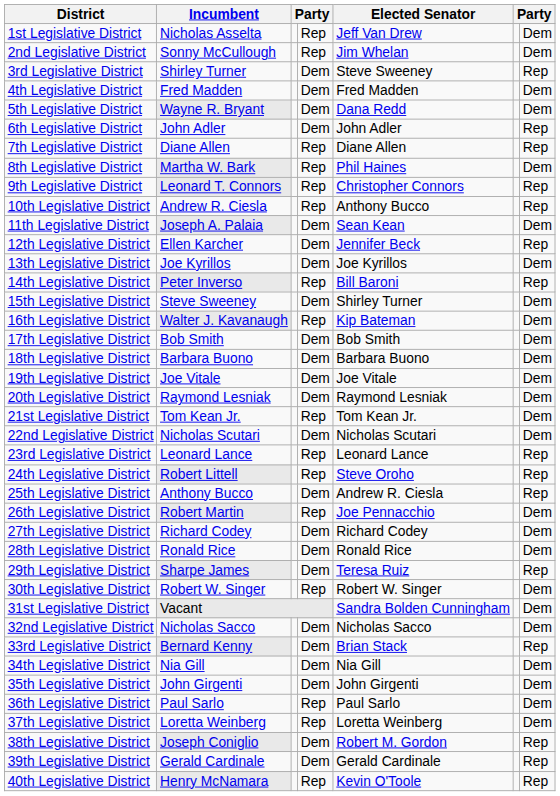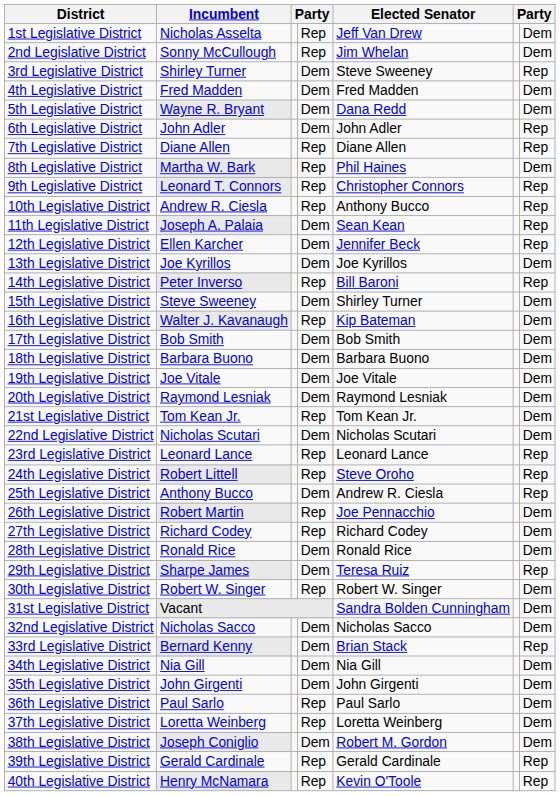 <table class="sortable wikitable" style="font-size:95%;line-height:14px;">
 <tr>
 <th>District</th>
 <th class="unsortable"><a href='#'>Incumbent</a></th>
 <th colspan="2">Party</th>
 <th class="unsortable">Elected Senator</th>
 <th colspan="2">Party</th>
 </tr>
 <tr>
 <td><a href='#'>1st Legislative District</a></td>
 <td><a href='#'>Nicholas Asselta</a></td>
 <td style="background:"></td>
 <td>Rep</td>
 <td><a href='#'>Jeff Van Drew</a></td>
 <td style="background:"></td>
 <td>Dem</td>
 </tr>
 <tr>
 <td><a href='#'>2nd Legislative District</a></td>
 <td><a href='#'>Sonny McCullough</a></td>
 <td style="background:"></td>
 <td>Rep</td>
 <td><a href='#'>Jim Whelan</a></td>
 <td style="background:"></td>
 <td>Dem</td>
 </tr>
 <tr>
 <td><a href='#'>3rd Legislative District</a></td>
 <td><a href='#'>Shirley Turner</a></td>
 <td style="background:"></td>
 <td>Dem</td>
 <td>Steve Sweeney</td>
 <td style="background:"></td>
 <td>Rep</td>
 </tr>
 <tr>
 <td><a href='#'>4th Legislative District</a></td>
 <td><a href='#'>Fred Madden</a></td>
 <td style="background:"></td>
 <td>Dem</td>
 <td>Fred Madden</td>
 <td style="background:"></td>
 <td>Dem</td>
 </tr>
 <tr>
 <td><a href='#'>5th Legislative District</a></td>
 <td style="background:#E9E9E9;"><a href='#'>Wayne R. Bryant</a></td>
 <td style="background:"></td>
 <td>Dem</td>
 <td><a href='#'>Dana Redd</a></td>
 <td style="background:"></td>
 <td>Dem</td>
 </tr>
 <tr>
 <td><a href='#'>6th Legislative District</a></td>
 <td><a href='#'>John Adler</a></td>
 <td style="background:"></td>
 <td>Dem</td>
 <td>John Adler</td>
 <td style="background:"></td>
 <td>Rep</td>
 </tr>
 <tr>
 <td><a href='#'>7th Legislative District</a></td>
 <td><a href='#'>Diane Allen</a></td>
 <td style="background:"></td>
 <td>Rep</td>
 <td>Diane Allen</td>
 <td style="background:"></td>
 <td>Rep</td>
 </tr>
 <tr>
 <td><a href='#'>8th Legislative District</a></td>
 <td style="background:#E9E9E9;"><a href='#'>Martha W. Bark</a></td>
 <td style="background:"></td>
 <td>Rep</td>
 <td><a href='#'>Phil Haines</a></td>
 <td style="background:"></td>
 <td>Dem</td>
 </tr>
 <tr>
 <td><a href='#'>9th Legislative District</a></td>
 <td style="background:#E9E9E9;"><a href='#'>Leonard T. Connors</a></td>
 <td style="background:"></td>
 <td>Rep</td>
 <td><a href='#'>Christopher Connors</a></td>
 <td style="background:"></td>
 <td>Rep</td>
 </tr>
 <tr>
 <td><a href='#'>10th Legislative District</a></td>
 <td><a href='#'>Andrew R. Ciesla</a></td>
 <td style="background:"></td>
 <td>Rep</td>
 <td>Anthony Bucco</td>
 <td style="background:"></td>
 <td>Rep</td>
 </tr>
 <tr>
 <td><a href='#'>11th Legislative District</a></td>
 <td style="background:#E9E9E9;"><a href='#'>Joseph A. Palaia</a></td>
 <td style="background:"></td>
 <td>Dem</td>
 <td><a href='#'>Sean Kean</a></td>
 <td style="background:"></td>
-<td>Dem</td>
+<td>Rep</td>
 </tr>
 <tr>
 <td><a href='#'>12th Legislative District</a></td>
 <td><a href='#'>Ellen Karcher</a></td>
 <td style="background:"></td>
 <td>Dem</td>
 <td><a href='#'>Jennifer Beck</a></td>
 <td style="background:"></td>
 <td>Rep</td>
 </tr>
 <tr>
 <td><a href='#'>13th Legislative District</a></td>
 <td><a href='#'>Joe Kyrillos</a></td>
 <td style="background:"></td>
 <td>Dem</td>
 <td>Joe Kyrillos</td>
 <td style="background:"></td>
 <td>Dem</td>
 </tr>
 <tr>
 <td><a href='#'>14th Legislative District</a></td>
 <td style="background:#E9E9E9;"><a href='#'>Peter Inverso</a></td>
 <td style="background:"></td>
 <td>Rep</td>
 <td><a href='#'>Bill Baroni</a></td>
 <td style="background:"></td>
 <td>Rep</td>
 </tr>
 <tr>
 <td><a href='#'>15th Legislative District</a></td>
 <td><a href='#'>Steve Sweeney</a></td>
 <td style="background:"></td>
 <td>Dem</td>
 <td>Shirley Turner</td>
 <td style="background:"></td>
 <td>Dem</td>
 </tr>
 <tr>
 <td><a href='#'>16th Legislative District</a></td>
 <td style="background:#E9E9E9;"><a href='#'>Walter J. Kavanaugh</a></td>
 <td style="background:"></td>
 <td>Rep</td>
 <td><a href='#'>Kip Bateman</a></td>
 <td style="background:"></td>
 <td>Dem</td>
 </tr>
 <tr>
 <td><a href='#'>17th Legislative District</a></td>
 <td><a href='#'>Bob Smith</a></td>
 <td style="background:"></td>
 <td>Dem</td>
 <td>Bob Smith</td>
 <td style="background:"></td>
 <td>Dem</td>
 </tr>
 <tr>
 <td><a href='#'>18th Legislative District</a></td>
 <td><a href='#'>Barbara Buono</a></td>
 <td style="background:"></td>
 <td>Dem</td>
 <td>Barbara Buono</td>
 <td style="background:"></td>
 <td>Dem</td>
 </tr>
 <tr>
 <td><a href='#'>19th Legislative District</a></td>
 <td><a href='#'>Joe Vitale</a></td>
 <td style="background:"></td>
 <td>Dem</td>
 <td>Joe Vitale</td>
 <td style="background:"></td>
 <td>Dem</td>
 </tr>
 <tr>
 <td><a href='#'>20th Legislative District</a></td>
 <td><a href='#'>Raymond Lesniak</a></td>
 <td style="background:"></td>
 <td>Dem</td>
 <td>Raymond Lesniak</td>
 <td style="background:"></td>
 <td>Dem</td>
 </tr>
 <tr>
 <td><a href='#'>21st Legislative District</a></td>
 <td><a href='#'>Tom Kean Jr.</a></td>
 <td style="background:"></td>
 <td>Rep</td>
 <td>Tom Kean Jr.</td>
 <td style="background:"></td>
 <td>Dem</td>
 </tr>
 <tr>
 <td><a href='#'>22nd Legislative District</a></td>
 <td><a href='#'>Nicholas Scutari</a></td>
 <td style="background:"></td>
 <td>Dem</td>
 <td>Nicholas Scutari</td>
 <td style="background:"></td>
 <td>Dem</td>
 </tr>
 <tr>
 <td><a href='#'>23rd Legislative District</a></td>
 <td><a href='#'>Leonard Lance</a></td>
 <td style="background:"></td>
 <td>Rep</td>
 <td>Leonard Lance</td>
 <td style="background:"></td>
 <td>Rep</td>
 </tr>
 <tr>
 <td><a href='#'>24th Legislative District</a></td>
 <td style="background:#E9E9E9;"><a href='#'>Robert Littell</a></td>
 <td style="background:"></td>
 <td>Rep</td>
 <td><a href='#'>Steve Oroho</a></td>
 <td style="background:"></td>
 <td>Rep</td>
 </tr>
 <tr>
 <td><a href='#'>25th Legislative District</a></td>
 <td><a href='#'>Anthony Bucco</a></td>
 <td style="background:"></td>
 <td>Dem</td>
 <td>Andrew R. Ciesla</td>
 <td style="background:"></td>
 <td>Rep</td>
 </tr>
 <tr>
 <td><a href='#'>26th Legislative District</a></td>
 <td style="background:#E9E9E9;"><a href='#'>Robert Martin</a></td>
 <td style="background:"></td>
 <td>Rep</td>
 <td><a href='#'>Joe Pennacchio</a></td>
 <td style="background:"></td>
 <td>Dem</td>
 </tr>
 <tr>
 <td><a href='#'>27th Legislative District</a></td>
 <td><a href='#'>Richard Codey</a></td>
 <td style="background:"></td>
-<td>Dem</td>
+<td>Rep</td>
 <td>Richard Codey</td>
 <td style="background:"></td>
 <td>Dem</td>
 </tr>
 <tr>
 <td><a href='#'>28th Legislative District</a></td>
 <td><a href='#'>Ronald Rice</a></td>
 <td style="background:"></td>
 <td>Dem</td>
 <td>Ronald Rice</td>
 <td style="background:"></td>
 <td>Dem</td>
 </tr>
 <tr>
 <td><a href='#'>29th Legislative District</a></td>
 <td style="background:#E9E9E9;"><a href='#'>Sharpe James</a></td>
 <td style="background:"></td>
 <td>Dem</td>
 <td><a href='#'>Teresa Ruiz</a></td>
 <td style="background:"></td>
 <td>Rep</td>
 </tr>
 <tr>
 <td><a href='#'>30th Legislative District</a></td>
 <td><a href='#'>Robert W. Singer</a></td>
 <td style="background:"></td>
 <td>Rep</td>
 <td>Robert W. Singer</td>
 <td style="background:"></td>
 <td>Dem</td>
 </tr>
 <tr>
 <td><a href='#'>31st Legislative District</a></td>
 <td style="background:#E9E9E9;" colspan="3">Vacant</td>
 <td><a href='#'>Sandra Bolden Cunningham</a></td>
 <td style="background:"></td>
 <td>Dem</td>
 </tr>
 <tr>
 <td><a href='#'>32nd Legislative District</a></td>
 <td><a href='#'>Nicholas Sacco</a></td>
 <td style="background:"></td>
 <td>Dem</td>
 <td>Nicholas Sacco</td>
 <td style="background:"></td>
 <td>Dem</td>
 </tr>
 <tr>
 <td><a href='#'>33rd Legislative District</a></td>
 <td style="background:#E9E9E9;"><a href='#'>Bernard Kenny</a></td>
 <td style="background:"></td>
 <td>Dem</td>
 <td><a href='#'>Brian Stack</a></td>
 <td style="background:"></td>
 <td>Rep</td>
 </tr>
 <tr>
 <td><a href='#'>34th Legislative District</a></td>
 <td><a href='#'>Nia Gill</a></td>
 <td style="background:"></td>
 <td>Dem</td>
 <td>Nia Gill</td>
 <td style="background:"></td>
 <td>Dem</td>
 </tr>
 <tr>
 <td><a href='#'>35th Legislative District</a></td>
 <td><a href='#'>John Girgenti</a></td>
 <td style="background:"></td>
 <td>Dem</td>
 <td>John Girgenti</td>
 <td style="background:"></td>
 <td>Dem</td>
 </tr>
 <tr>
 <td><a href='#'>36th Legislative District</a></td>
 <td><a href='#'>Paul Sarlo</a></td>
 <td style="background:"></td>
 <td>Rep</td>
 <td>Paul Sarlo</td>
 <td style="background:"></td>
 <td>Dem</td>
 </tr>
 <tr>
 <td><a href='#'>37th Legislative District</a></td>
 <td><a href='#'>Loretta Weinberg</a></td>
 <td style="background:"></td>
 <td>Rep</td>
 <td>Loretta Weinberg</td>
 <td style="background:"></td>
 <td>Dem</td>
 </tr>
 <tr>
 <td><a href='#'>38th Legislative District</a></td>
 <td style="background:#E9E9E9;"><a href='#'>Joseph Coniglio</a></td>
 <td style="background:"></td>
 <td>Dem</td>
 <td><a href='#'>Robert M. Gordon</a></td>
 <td style="background:"></td>
-<td>Rep</td>
+<td>Dem</td>
 </tr>
 <tr>
 <td><a href='#'>39th Legislative District</a></td>
 <td><a href='#'>Gerald Cardinale</a></td>
 <td style="background:"></td>
-<td>Dem</td>
+<td>Rep</td>
 <td>Gerald Cardinale</td>
 <td style="background:"></td>
 <td>Rep</td>
 </tr>
 <tr>
 <td><a href='#'>40th Legislative District</a></td>
 <td style="background:#E9E9E9;"><a href='#'>Henry McNamara</a></td>
 <td style="background:"></td>
 <td>Rep</td>
 <td><a href='#'>Kevin O'Toole</a></td>
 <td style="background:"></td>
 <td>Rep</td>
 </tr>
 </table>
